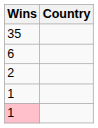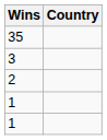 <table class="wikitable">
 <tr>
 <th>Wins</th>
 <th>Country</th>
 </tr>
 <tr>
 <td>35</td>
 <td></td>
 </tr>
 <tr>
-<td>6</td>
+<td>3</td>
 <td></td>
 </tr>
 <tr>
 <td>2</td>
 <td></td>
 </tr>
 <tr>
 <td>1</td>
 <td></td>
 </tr>
 <tr>
-<td style="background: pink;">1</td>
+<td>1</td>
 <td></td>
 </tr>
 </table>
